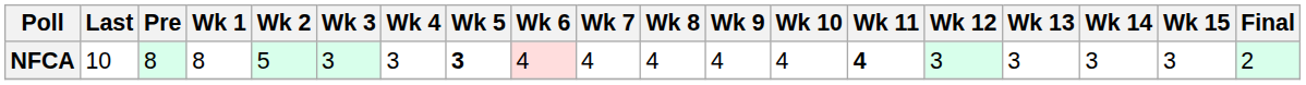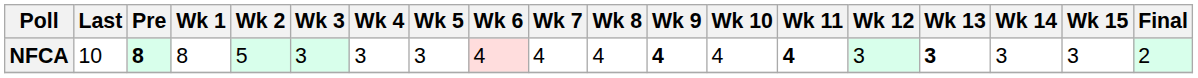 <table class="wikitable" style="white-space:nowrap;">
 <tr>
 <th>Poll</th>
 <th>Last</th>
 <th>Pre</th>
 <th>Wk 1</th>
 <th>Wk 2</th>
 <th>Wk 3</th>
 <th>Wk 4</th>
 <th>Wk 5</th>
 <th>Wk 6</th>
 <th>Wk 7</th>
 <th>Wk 8</th>
 <th>Wk 9</th>
 <th>Wk 10</th>
 <th>Wk 11</th>
 <th>Wk 12</th>
 <th>Wk 13</th>
 <th>Wk 14</th>
 <th>Wk 15</th>
 <th>Final</th>
 </tr>
 <tr>
 <th>NFCA</th>
 <td style="background:#FFF;">10</td>
-<td style="background:#D8FFEB;">8</td>
+<td style="background:#D8FFEB;"><strong>8</strong></td>
 <td style="background:#FFF;">8</td>
 <td style="background:#D8FFEB;">5</td>
 <td style="background:#D8FFEB;">3</td>
 <td style="background:#FFF;">3</td>
-<td style="background:#FFF;"><strong>3</strong></td>
+<td style="background:#FFF;">3</td>
 <td style="background:#FFDDDD;">4</td>
 <td style="background:#FFF;">4</td>
 <td style="background:#FFF;">4</td>
-<td style="background:#FFF;">4</td>
+<td style="background:#FFF;"><strong>4</strong></td>
 <td style="background:#FFF;">4</td>
 <td style="background:#FFF;"><strong>4</strong></td>
 <td style="background:#D8FFEB;">3</td>
-<td style="background:#FFF;">3</td>
+<td style="background:#FFF;"><strong>3</strong></td>
 <td style="background:#FFF;">3</td>
 <td style="background:#FFF;">3</td>
 <td style="background:#D8FFEB;">2</td>
 </tr>
 <tr>
 </tr>
 </table>
